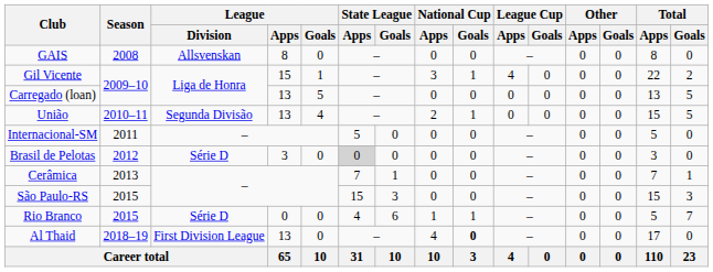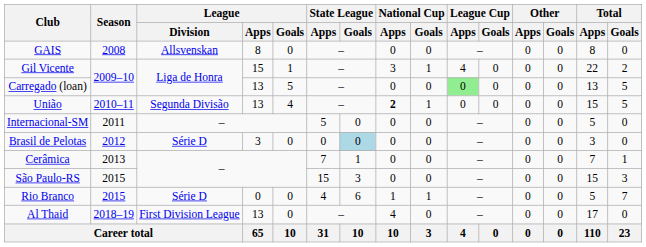 <table class="wikitable" style="text-align: center">
 <tr>
 <th rowspan="2">Club</th>
 <th rowspan="2">Season</th>
 <th colspan="3">League</th>
 <th colspan="2">State League</th>
 <th colspan="2">National Cup</th>
 <th colspan="2">League Cup</th>
 <th colspan="2">Other</th>
 <th colspan="2">Total</th>
 </tr>
 <tr>
 <th>Division</th>
 <th>Apps</th>
 <th>Goals</th>
 <th>Apps</th>
 <th>Goals</th>
 <th>Apps</th>
 <th>Goals</th>
 <th>Apps</th>
 <th>Goals</th>
 <th>Apps</th>
 <th>Goals</th>
 <th>Apps</th>
 <th>Goals</th>
 </tr>
 <tr>
 <td><a href='#'>GAIS</a></td>
 <td><a href='#'>2008</a></td>
 <td><a href='#'>Allsvenskan</a></td>
 <td>8</td>
 <td>0</td>
 <td colspan="2">–</td>
 <td>0</td>
 <td>0</td>
 <td colspan="2">–</td>
 <td>0</td>
 <td>0</td>
 <td>8</td>
 <td>0</td>
 </tr>
 <tr>
 <td><a href='#'>Gil Vicente</a></td>
 <td rowspan="2"><a href='#'>2009–10</a></td>
 <td rowspan="2"><a href='#'>Liga de Honra</a></td>
 <td>15</td>
 <td>1</td>
 <td colspan="2">–</td>
 <td>3</td>
 <td>1</td>
 <td>4</td>
 <td>0</td>
 <td>0</td>
 <td>0</td>
 <td>22</td>
 <td>2</td>
 </tr>
 <tr>
 <td><a href='#'>Carregado</a> (loan)</td>
 <td>13</td>
 <td>5</td>
 <td colspan="2">–</td>
 <td>0</td>
 <td>0</td>
-<td>0</td>
+<td style="background: lightgreen;">0</td>
 <td>0</td>
 <td>0</td>
 <td>0</td>
 <td>13</td>
 <td>5</td>
 </tr>
 <tr>
 <td><a href='#'>União</a></td>
 <td><a href='#'>2010–11</a></td>
 <td><a href='#'>Segunda Divisão</a></td>
 <td>13</td>
 <td>4</td>
 <td colspan="2">–</td>
-<td>2</td>
+<td><strong>2</strong></td>
 <td>1</td>
 <td>0</td>
 <td>0</td>
 <td>0</td>
 <td>0</td>
 <td>15</td>
 <td>5</td>
 </tr>
 <tr>
 <td><a href='#'>Internacional-SM</a></td>
 <td>2011</td>
 <td colspan="3">–</td>
 <td>5</td>
 <td>0</td>
 <td>0</td>
 <td>0</td>
 <td colspan="2">–</td>
 <td>0</td>
 <td>0</td>
 <td>5</td>
 <td>0</td>
 </tr>
 <tr>
 <td><a href='#'>Brasil de Pelotas</a></td>
 <td><a href='#'>2012</a></td>
 <td><a href='#'>Série D</a></td>
 <td>3</td>
 <td>0</td>
-<td style="background: lightgrey;">0</td>
 <td>0</td>
+<td style="background: lightblue;">0</td>
 <td>0</td>
 <td>0</td>
 <td colspan="2">–</td>
 <td>0</td>
 <td>0</td>
 <td>3</td>
 <td>0</td>
 </tr>
 <tr>
 <td><a href='#'>Cerâmica</a></td>
 <td>2013</td>
 <td rowspan="2" colspan="3">–</td>
 <td>7</td>
 <td>1</td>
 <td>0</td>
 <td>0</td>
 <td colspan="2">–</td>
 <td>0</td>
 <td>0</td>
 <td>7</td>
 <td>1</td>
 </tr>
 <tr>
 <td><a href='#'>São Paulo-RS</a></td>
 <td>2015</td>
 <td>15</td>
 <td>3</td>
 <td>0</td>
 <td>0</td>
 <td colspan="2">–</td>
 <td>0</td>
 <td>0</td>
 <td>15</td>
 <td>3</td>
 </tr>
 <tr>
 <td><a href='#'>Rio Branco</a></td>
 <td><a href='#'>2015</a></td>
 <td><a href='#'>Série D</a></td>
 <td>0</td>
 <td>0</td>
 <td>4</td>
 <td>6</td>
 <td>1</td>
 <td>1</td>
 <td colspan="2">–</td>
 <td>0</td>
 <td>0</td>
 <td>5</td>
 <td>7</td>
 </tr>
 <tr>
 <td><a href='#'>Al Thaid</a></td>
 <td><a href='#'>2018–19</a></td>
 <td><a href='#'>First Division League</a></td>
 <td>13</td>
 <td>0</td>
 <td colspan="2">–</td>
 <td>4</td>
-<td><strong>0</strong></td>
+<td>0</td>
 <td colspan="2">–</td>
 <td>0</td>
 <td>0</td>
 <td>17</td>
 <td>0</td>
 </tr>
 <tr>
 <th colspan="3"><strong>Career total</strong></th>
 <th>65</th>
 <th>10</th>
 <th>31</th>
 <th>10</th>
 <th>10</th>
 <th>3</th>
 <th>4</th>
 <th>0</th>
 <th>0</th>
 <th>0</th>
 <th>110</th>
 <th>23</th>
 </tr>
 </table>
